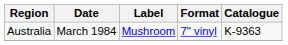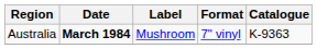 <table class="wikitable">
 <tr>
 <th>Region</th>
 <th>Date</th>
 <th>Label</th>
 <th>Format</th>
 <th>Catalogue</th>
 </tr>
 <tr>
 <td>Australia</td>
-<td>March 1984</td>
+<td><strong>March 1984</strong></td>
 <td><a href='#'>Mushroom</a></td>
 <td><a href='#'>7" vinyl</a></td>
 <td>K-9363</td>
 </tr>
 <tr>
 </tr>
 </table>
